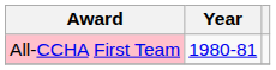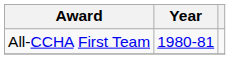 <table class="wikitable">
 <tr>
 <th>Award</th>
 <th>Year</th>
 <th></th>
 </tr>
 <tr>
-<td style="background: pink;">All-<a href='#'>CCHA</a> <a href='#'>First Team</a></td>
+<td>All-<a href='#'>CCHA</a> <a href='#'>First Team</a></td>
 <td><a href='#'>1980-81</a></td>
 <td></td>
 </tr>
 <tr>
 </tr>
 </table>
